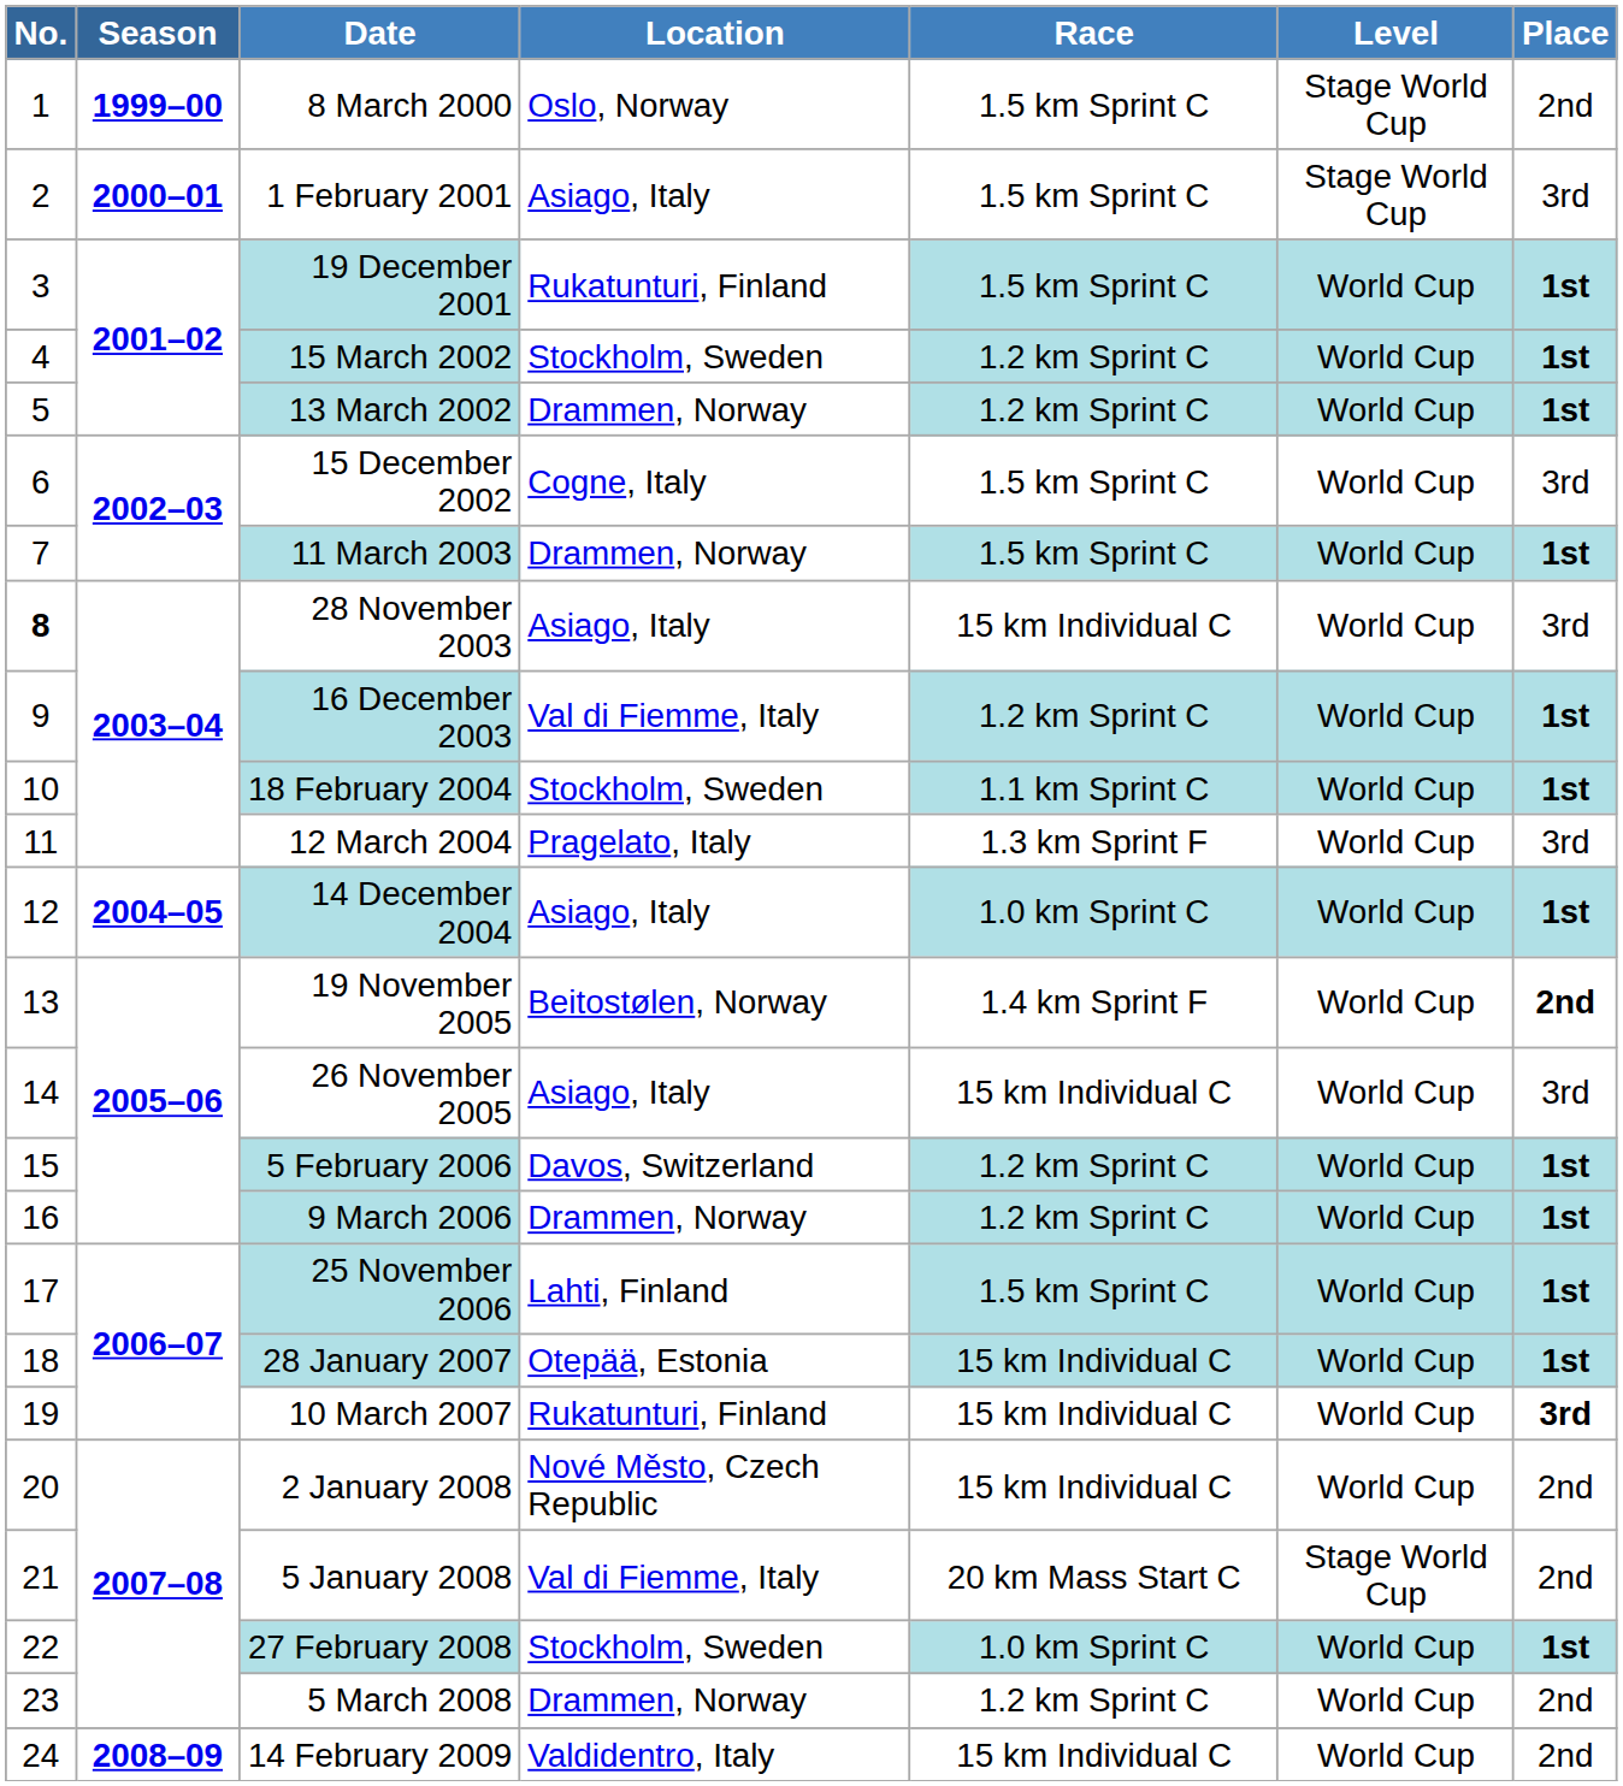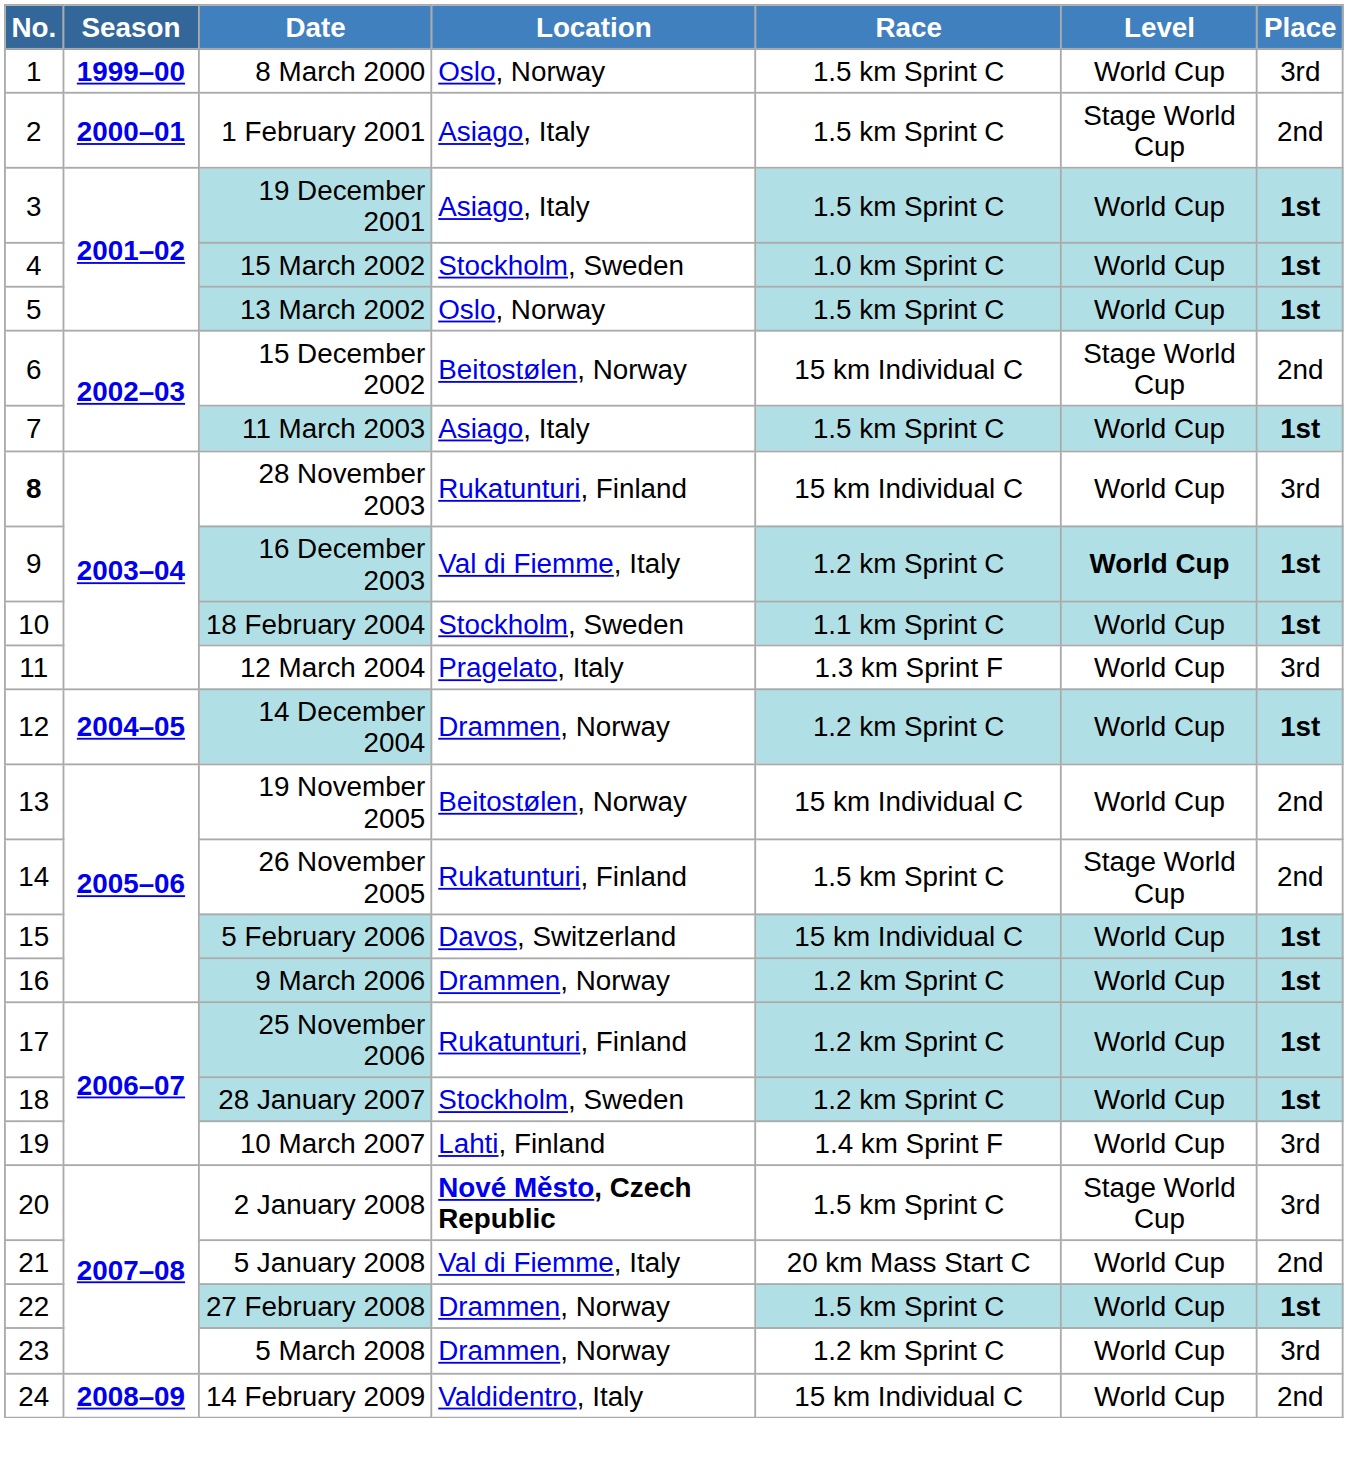 <table class="wikitable sortable" style="font-size:95%; text-align:center; border:grey solid 1px; border-collapse:collapse; background:#ffffff;">
 <tr style="background:#efefef;">
 <th style="background-color:#369; color:white;">No.</th>
 <th style="background-color:#369; color:white;">Season</th>
 <th style="background-color:#4180be; color:white; width:120px;">Date</th>
 <th style="background-color:#4180be; color:white; width:170px;">Location</th>
 <th style="background-color:#4180be; color:white; width:160px;">Race</th>
 <th style="background-color:#4180be; color:white; width:100px;">Level</th>
 <th style="background-color:#4180be; color:white;">Place</th>
 </tr>
 <tr>
 <td align=center>1</td>
 <td rowspan=1 align=center><strong> <a href='#'>1999–00</a> </strong></td>
 <td align=right>8 March 2000</td>
 <td align=left> <a href='#'>Oslo</a>, Norway</td>
 <td>1.5 km Sprint C</td>
-<td>Stage World Cup</td>
-<td>2nd</td>
+<td>World Cup</td>
+<td>3rd</td>
 </tr>
 <tr>
 <td align=center>2</td>
 <td rowspan=1 align=center><strong> <a href='#'>2000–01</a> </strong></td>
 <td align=right>1 February 2001</td>
 <td align=left> <a href='#'>Asiago</a>, Italy</td>
 <td>1.5 km Sprint C</td>
 <td>Stage World Cup</td>
-<td>3rd</td>
+<td>2nd</td>
 </tr>
 <tr>
 <td align=center>3</td>
 <td rowspan=3 align=center><strong><a href='#'>2001–02</a></strong></td>
 <td bgcolor="#BOEOE6" align=right>19 December 2001</td>
-<td align=left> <a href='#'>Rukatunturi</a>, Finland</td>
+<td align=left> <a href='#'>Asiago</a>, Italy</td>
 <td bgcolor="#BOEOE6">1.5 km Sprint C</td>
 <td bgcolor="#BOEOE6">World Cup</td>
 <td bgcolor="#BOEOE6"><strong>1st</strong></td>
 </tr>
 <tr>
 <td align=center>4</td>
 <td bgcolor="#BOEOE6" align=right>15 March 2002</td>
 <td align=left> <a href='#'>Stockholm</a>, Sweden</td>
-<td bgcolor="#BOEOE6">1.2 km Sprint C</td>
+<td bgcolor="#BOEOE6">1.0 km Sprint C</td>
 <td bgcolor="#BOEOE6">World Cup</td>
 <td bgcolor="#BOEOE6"><strong>1st</strong></td>
 </tr>
 <tr>
 <td align=center>5</td>
 <td bgcolor="#BOEOE6" align=right>13 March 2002</td>
-<td align=left> <a href='#'>Drammen</a>, Norway</td>
-<td bgcolor="#BOEOE6">1.2 km Sprint C</td>
+<td align=left> <a href='#'>Oslo</a>, Norway</td>
+<td bgcolor="#BOEOE6">1.5 km Sprint C</td>
 <td bgcolor="#BOEOE6">World Cup</td>
 <td bgcolor="#BOEOE6"><strong>1st</strong></td>
 </tr>
 <tr>
 <td align=center>6</td>
 <td rowspan=2 align=center><strong> <a href='#'>2002–03</a> </strong></td>
 <td align=right>15 December 2002</td>
-<td align=left> <a href='#'>Cogne</a>, Italy</td>
-<td>1.5 km Sprint C</td>
-<td>World Cup</td>
-<td>3rd</td>
+<td align=left> <a href='#'>Beitostølen</a>, Norway</td>
+<td>15 km Individual C</td>
+<td>Stage World Cup</td>
+<td>2nd</td>
 </tr>
 <tr>
 <td align=center>7</td>
 <td bgcolor="#BOEOE6" align=right>11 March 2003</td>
-<td align=left> <a href='#'>Drammen</a>, Norway</td>
+<td align=left> <a href='#'>Asiago</a>, Italy</td>
 <td bgcolor="#BOEOE6">1.5 km Sprint C</td>
 <td bgcolor="#BOEOE6">World Cup</td>
 <td bgcolor="#BOEOE6"><strong>1st</strong></td>
 </tr>
 <tr>
 <td align=center><strong>8</strong></td>
 <td rowspan=4 align=center><strong> <a href='#'>2003–04</a> </strong></td>
 <td align=right>28 November 2003</td>
-<td align=left> <a href='#'>Asiago</a>, Italy</td>
+<td align=left> <a href='#'>Rukatunturi</a>, Finland</td>
 <td>15 km Individual C</td>
 <td>World Cup</td>
 <td>3rd</td>
 </tr>
 <tr>
 <td align=center>9</td>
 <td bgcolor="#BOEOE6" align=right>16 December 2003</td>
 <td align=left> <a href='#'>Val di Fiemme</a>, Italy</td>
 <td bgcolor="#BOEOE6">1.2 km Sprint C</td>
-<td bgcolor="#BOEOE6">World Cup</td>
+<td bgcolor="#BOEOE6"><strong>World Cup</strong></td>
 <td bgcolor="#BOEOE6"><strong>1st</strong></td>
 </tr>
 <tr>
 <td align=center>10</td>
 <td bgcolor="#BOEOE6" align=right>18 February 2004</td>
 <td align=left> <a href='#'>Stockholm</a>, Sweden</td>
 <td bgcolor="#BOEOE6">1.1 km Sprint C</td>
 <td bgcolor="#BOEOE6">World Cup</td>
 <td bgcolor="#BOEOE6"><strong>1st</strong></td>
 </tr>
 <tr>
 <td align=center>11</td>
 <td align=right>12 March 2004</td>
 <td align=left> <a href='#'>Pragelato</a>, Italy</td>
 <td>1.3 km Sprint F</td>
 <td>World Cup</td>
 <td>3rd</td>
 </tr>
 <tr>
 <td align=center>12</td>
 <td rowspan=1 align=center><strong><a href='#'>2004–05</a></strong></td>
 <td bgcolor="#BOEOE6" align=right>14 December 2004</td>
-<td align=left> <a href='#'>Asiago</a>, Italy</td>
-<td bgcolor="#BOEOE6">1.0 km Sprint C</td>
+<td align=left> <a href='#'>Drammen</a>, Norway</td>
+<td bgcolor="#BOEOE6">1.2 km Sprint C</td>
 <td bgcolor="#BOEOE6">World Cup</td>
 <td bgcolor="#BOEOE6"><strong>1st</strong></td>
 </tr>
 <tr>
 <td align=center>13</td>
 <td rowspan=4 align=center><strong> <a href='#'>2005–06</a> </strong></td>
 <td align=right>19 November 2005</td>
 <td align=left> <a href='#'>Beitostølen</a>, Norway</td>
-<td>1.4 km Sprint F</td>
+<td>15 km Individual C</td>
 <td>World Cup</td>
-<td><strong>2nd</strong></td>
+<td>2nd</td>
 </tr>
 <tr>
 <td align=center>14</td>
 <td align=right>26 November 2005</td>
-<td align=left> <a href='#'>Asiago</a>, Italy</td>
-<td>15 km Individual C</td>
-<td>World Cup</td>
-<td>3rd</td>
+<td align=left> <a href='#'>Rukatunturi</a>, Finland</td>
+<td>1.5 km Sprint C</td>
+<td>Stage World Cup</td>
+<td>2nd</td>
 </tr>
 <tr>
 <td align=center>15</td>
 <td bgcolor="#BOEOE6" align=right>5 February 2006</td>
 <td align=left> <a href='#'>Davos</a>, Switzerland</td>
-<td bgcolor="#BOEOE6">1.2 km Sprint C</td>
+<td bgcolor="#BOEOE6">15 km Individual C</td>
 <td bgcolor="#BOEOE6">World Cup</td>
 <td bgcolor="#BOEOE6"><strong>1st</strong></td>
 </tr>
 <tr>
 <td align=center>16</td>
 <td bgcolor="#BOEOE6" align=right>9 March 2006</td>
 <td align=left> <a href='#'>Drammen</a>, Norway</td>
 <td bgcolor="#BOEOE6">1.2 km Sprint C</td>
 <td bgcolor="#BOEOE6">World Cup</td>
 <td bgcolor="#BOEOE6"><strong>1st</strong></td>
 </tr>
 <tr>
 <td align=center>17</td>
 <td rowspan=3 align=center><strong><a href='#'>2006–07</a></strong></td>
 <td bgcolor="#BOEOE6" align=right>25 November 2006</td>
-<td align=left> <a href='#'>Lahti</a>, Finland</td>
-<td bgcolor="#BOEOE6">1.5 km Sprint C</td>
+<td align=left> <a href='#'>Rukatunturi</a>, Finland</td>
+<td bgcolor="#BOEOE6">1.2 km Sprint C</td>
 <td bgcolor="#BOEOE6">World Cup</td>
 <td bgcolor="#BOEOE6"><strong>1st</strong></td>
 </tr>
 <tr>
 <td align=center>18</td>
 <td bgcolor="#BOEOE6" align=right>28 January 2007</td>
-<td align=left> <a href='#'>Otepää</a>, Estonia</td>
-<td bgcolor="#BOEOE6">15 km Individual C</td>
+<td align=left> <a href='#'>Stockholm</a>, Sweden</td>
+<td bgcolor="#BOEOE6">1.2 km Sprint C</td>
 <td bgcolor="#BOEOE6">World Cup</td>
 <td bgcolor="#BOEOE6"><strong>1st</strong></td>
 </tr>
 <tr>
 <td align=center>19</td>
 <td align=right>10 March 2007</td>
-<td align=left> <a href='#'>Rukatunturi</a>, Finland</td>
-<td>15 km Individual C</td>
+<td align=left> <a href='#'>Lahti</a>, Finland</td>
+<td>1.4 km Sprint F</td>
 <td>World Cup</td>
-<td><strong>3rd</strong></td>
+<td>3rd</td>
 </tr>
 <tr>
 <td align=center>20</td>
 <td rowspan=4 align=center><strong> <a href='#'>2007–08</a> </strong></td>
 <td align=right>2 January 2008</td>
-<td align=left> <a href='#'>Nové Město</a>, Czech Republic</td>
-<td>15 km Individual C</td>
-<td>World Cup</td>
-<td>2nd</td>
+<td align=left><strong> <a href='#'>Nové Město</a>, Czech Republic</strong></td>
+<td>1.5 km Sprint C</td>
+<td>Stage World Cup</td>
+<td>3rd</td>
 </tr>
 <tr>
 <td align=center>21</td>
 <td align=right>5 January 2008</td>
 <td align=left> <a href='#'>Val di Fiemme</a>, Italy</td>
 <td>20 km Mass Start C</td>
-<td>Stage World Cup</td>
+<td>World Cup</td>
 <td>2nd</td>
 </tr>
 <tr>
 <td align=center>22</td>
 <td bgcolor="#BOEOE6" align=right>27 February 2008</td>
-<td align=left> <a href='#'>Stockholm</a>, Sweden</td>
-<td bgcolor="#BOEOE6">1.0 km Sprint C</td>
+<td align=left> <a href='#'>Drammen</a>, Norway</td>
+<td bgcolor="#BOEOE6">1.5 km Sprint C</td>
 <td bgcolor="#BOEOE6">World Cup</td>
 <td bgcolor="#BOEOE6"><strong>1st</strong></td>
 </tr>
 <tr>
 <td align=center>23</td>
 <td align=right>5 March 2008</td>
 <td align=left> <a href='#'>Drammen</a>, Norway</td>
 <td>1.2 km Sprint C</td>
 <td>World Cup</td>
-<td>2nd</td>
+<td>3rd</td>
 </tr>
 <tr>
 <td align=center>24</td>
 <td rowspan=1 align=center><strong> <a href='#'>2008–09</a> </strong></td>
 <td align=right>14 February 2009</td>
 <td align=left> <a href='#'>Valdidentro</a>, Italy</td>
 <td>15 km Individual C</td>
 <td>World Cup</td>
 <td>2nd</td>
 </tr>
 </table>
